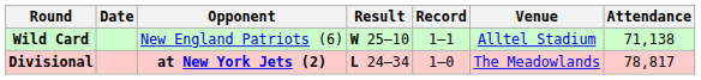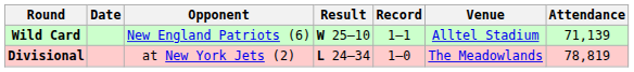 <table class="wikitable" style="text-align:center">
 <tr>
 <th>Round</th>
 <th>Date</th>
 <th>Opponent</th>
 <th>Result</th>
 <th>Record</th>
 <th>Venue</th>
 <th>Attendance</th>
 </tr>
 <tr style="background: #cfc;">
 <td><strong>Wild Card</strong></td>
 <td></td>
 <td><a href='#'>New England Patriots</a> (6)</td>
 <td><strong>W</strong> 25–10</td>
 <td>1–1</td>
 <td><a href='#'>Alltel Stadium</a></td>
-<td>71,138</td>
+<td>71,139</td>
 </tr>
 <tr style="background: #fcc;">
 <td><strong>Divisional</strong></td>
 <td></td>
-<td><strong>at <a href='#'>New York Jets</a> (2)</strong></td>
+<td>at <a href='#'>New York Jets</a> (2)</td>
 <td><strong>L</strong> 24–34</td>
 <td>1–0</td>
 <td><a href='#'>The Meadowlands</a></td>
-<td>78,817</td>
+<td>78,819</td>
 </tr>
 </table>
